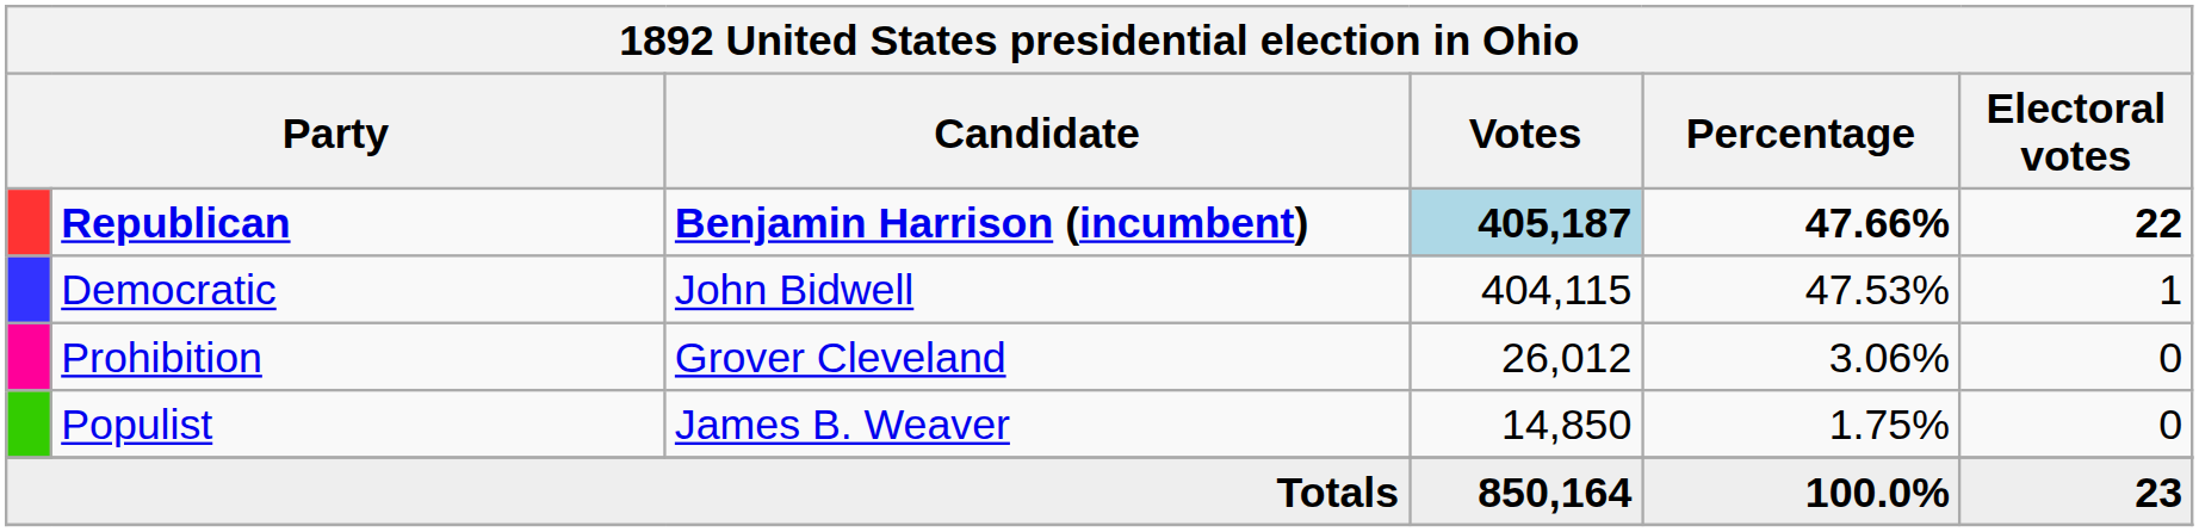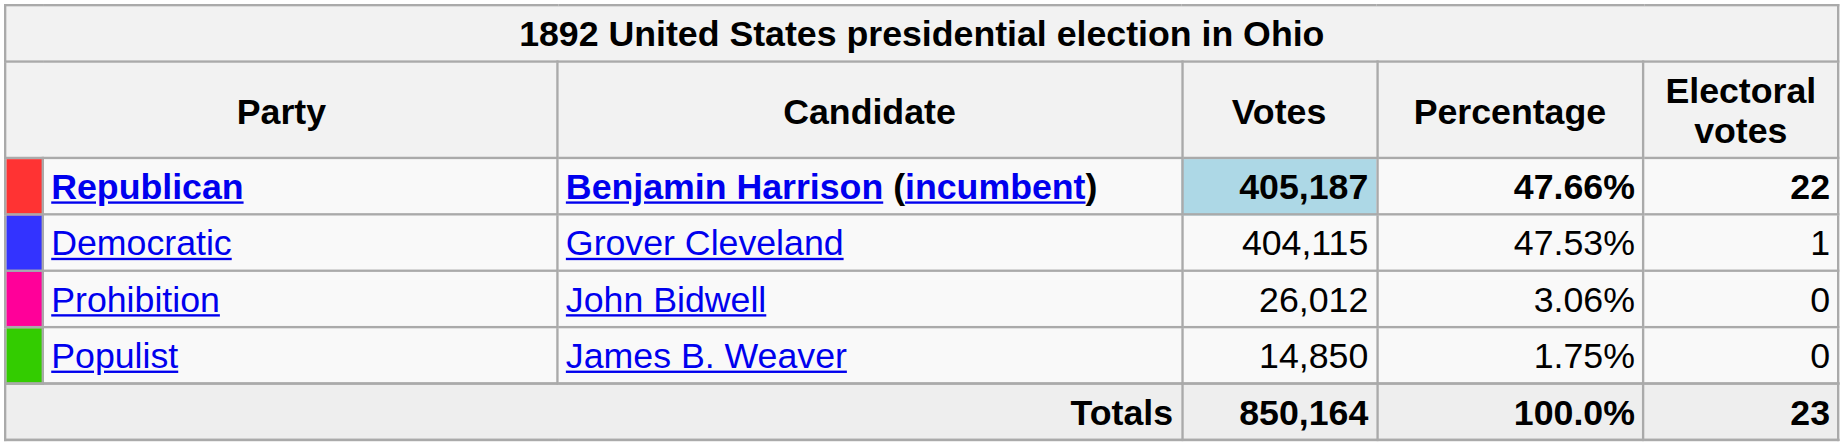 <table class="wikitable" style="font-size: 95%;">
 <tr>
 <th colspan="6">1892 United States presidential election in Ohio</th>
 </tr>
 <tr>
 <th colspan="2" style="width: 15em">Party</th>
 <th style="width: 17em">Candidate</th>
 <th style="width: 5em">Votes</th>
 <th style="width: 7em">Percentage</th>
 <th style="width: 5em">Electoral votes</th>
 </tr>
 <tr>
 <th style="background-color:#FF3333; width: 3px"></th>
 <td style="width: 130px"><strong><a href='#'>Republican</a></strong></td>
 <td><strong><a href='#'>Benjamin Harrison</a> (<a href='#'>incumbent</a>)</strong></td>
 <td align="right" style="background: lightblue;"><strong>405,187</strong></td>
 <td align="right"><strong>47.66%</strong></td>
 <td align="right"><strong>22</strong></td>
 </tr>
 <tr>
 <th style="background-color:#3333FF; width: 3px"></th>
 <td style="width: 130px"><a href='#'>Democratic</a></td>
-<td><a href='#'>John Bidwell</a></td>
+<td><a href='#'>Grover Cleveland</a></td>
 <td align="right">404,115</td>
 <td align="right">47.53%</td>
 <td align="right">1</td>
 </tr>
 <tr>
 <th style="background-color:#f09; width: 3px"></th>
 <td style="width: 130px"><a href='#'>Prohibition</a></td>
-<td><a href='#'>Grover Cleveland</a></td>
+<td><a href='#'>John Bidwell</a></td>
 <td align="right">26,012</td>
 <td align="right">3.06%</td>
 <td align="right">0</td>
 </tr>
 <tr>
 <th style="background-color:#3c0; width: 3px"></th>
 <td style="width: 130px"><a href='#'>Populist</a></td>
 <td><a href='#'>James B. Weaver</a></td>
 <td align="right">14,850</td>
 <td align="right">1.75%</td>
 <td align="right">0</td>
 </tr>
 <tr>
 </tr>
 <tr bgcolor="#EEEEEE">
 <td colspan="3" align="right"><strong>Totals</strong></td>
 <td align="right"><strong>850,164</strong></td>
 <td align="right"><strong>100.0%</strong></td>
 <td align="right"><strong>23</strong></td>
 </tr>
 <tr>
 </tr>
 </table>
